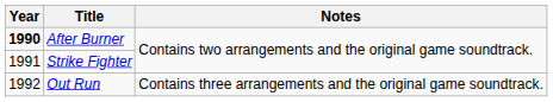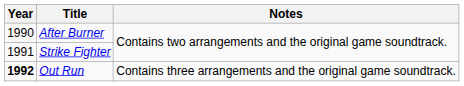 <table class="wikitable">
 <tr>
 <th>Year</th>
 <th>Title</th>
 <th>Notes</th>
 </tr>
 <tr>
-<td><strong>1990</strong></td>
+<td>1990</td>
 <td><em><a href='#'>After Burner</a></em></td>
 <td rowspan ="2">Contains two arrangements and the original game soundtrack.</td>
 </tr>
 <tr>
 <td>1991</td>
 <td><em><a href='#'>Strike Fighter</a></em></td>
 </tr>
 <tr>
-<td>1992</td>
+<td><strong>1992</strong></td>
 <td><em><a href='#'>Out Run</a></em></td>
 <td>Contains three arrangements and the original game soundtrack.</td>
 </tr>
 </table>
